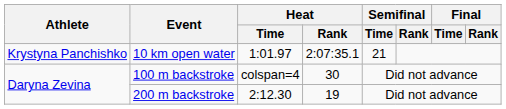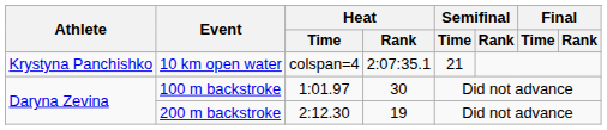 <table class=wikitable style="font-size:90%">
 <tr>
 <th rowspan="2">Athlete</th>
 <th rowspan="2">Event</th>
 <th colspan="2">Heat</th>
 <th colspan="2">Semifinal</th>
 <th colspan="2">Final</th>
 </tr>
 <tr style="font-size:95%">
 <th>Time</th>
 <th>Rank</th>
 <th>Time</th>
 <th>Rank</th>
 <th>Time</th>
 <th>Rank</th>
 </tr>
 <tr align=center>
 <td align=left><a href='#'>Krystyna Panchishko</a></td>
 <td align=left><a href='#'>10 km open water</a></td>
-<td>1:01.97</td>
+<td>colspan=4 </td>
 <td>2:07:35.1</td>
 <td>21</td>
 </tr>
 <tr align=center>
 <td align=left rowspan=2><a href='#'>Daryna Zevina</a></td>
 <td align=left><a href='#'>100 m backstroke</a></td>
-<td>colspan=4 </td>
+<td>1:01.97</td>
 <td>30</td>
 <td colspan="4">Did not advance</td>
 </tr>
 <tr align=center>
 <td align=left><a href='#'>200 m backstroke</a></td>
 <td>2:12.30</td>
 <td>19</td>
 <td colspan="4">Did not advance</td>
 </tr>
 </table>
